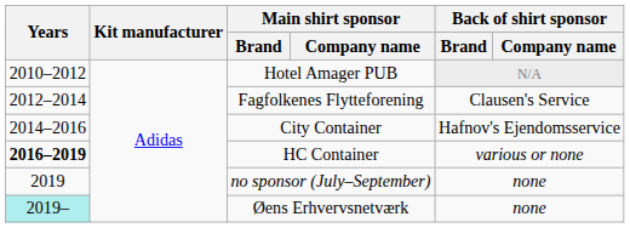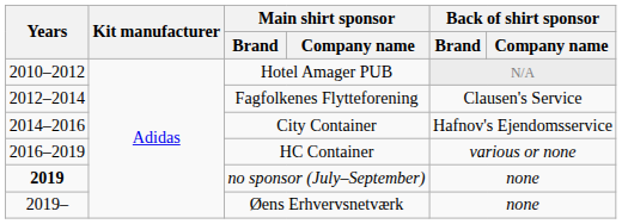 <table class="wikitable" style="text-align: center">
 <tr>
 <th rowspan="2">Years</th>
 <th rowspan="2">Kit manufacturer</th>
 <th colspan="2">Main shirt sponsor</th>
 <th colspan="2">Back of shirt sponsor</th>
 </tr>
 <tr>
 <th>Brand</th>
 <th>Company name</th>
 <th>Brand</th>
 <th>Company name</th>
 </tr>
 <tr>
 <td>2010–2012</td>
 <td rowspan="6" colspan="1"><a href='#'>Adidas</a></td>
 <td rowspan="1" colspan="2">Hotel Amager PUB</td>
 <td rowspan="1" colspan="2" style="background:#ececec; color:grey; vertical-align:middle; text-align:center;" class="table-na"><small>N/A</small></td>
 </tr>
 <tr>
 <td>2012–2014</td>
 <td rowspan="1" colspan="2">Fagfolkenes Flytteforening</td>
 <td rowspan="1" colspan="2">Clausen's Service</td>
 </tr>
 <tr>
 <td>2014–2016</td>
 <td rowspan="1" colspan="2">City Container</td>
 <td rowspan="1" colspan="2">Hafnov's Ejendomsservice</td>
 </tr>
 <tr>
-<td><strong>2016–2019</strong></td>
+<td>2016–2019</td>
 <td rowspan="1" colspan="2">HC Container</td>
 <td rowspan="1" colspan="2"><em>various or none</em></td>
 </tr>
 <tr>
-<td>2019</td>
+<td><strong>2019</strong></td>
 <td rowspan="1" colspan="2"><em>no sponsor (July–September)</em></td>
 <td rowspan="1" colspan="2"><em>none</em></td>
 </tr>
 <tr>
-<td style="background: paleturquoise;">2019–</td>
+<td>2019–</td>
 <td rowspan="1" colspan="2">Øens Erhvervsnetværk</td>
 <td rowspan="1" colspan="2"><em>none</em></td>
 </tr>
 </table>
